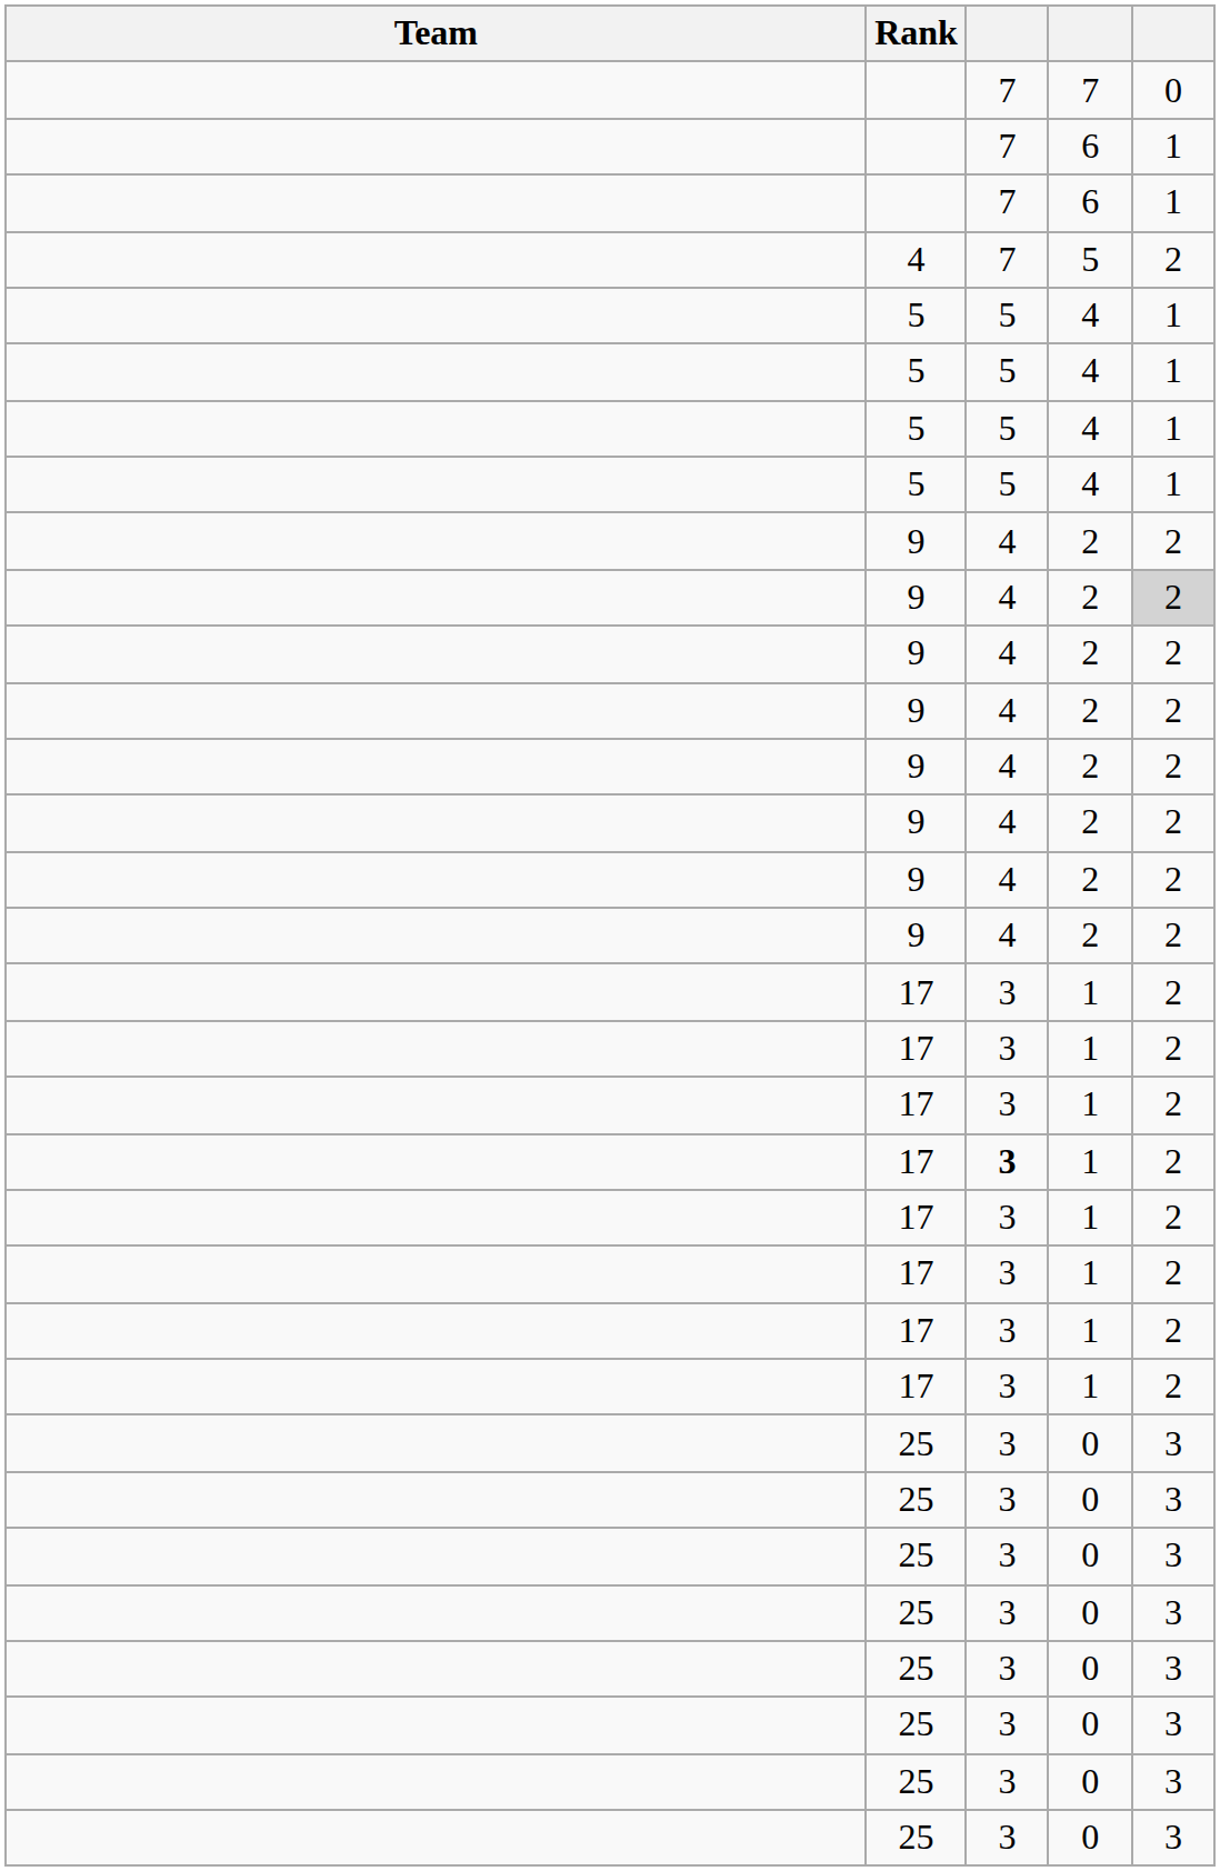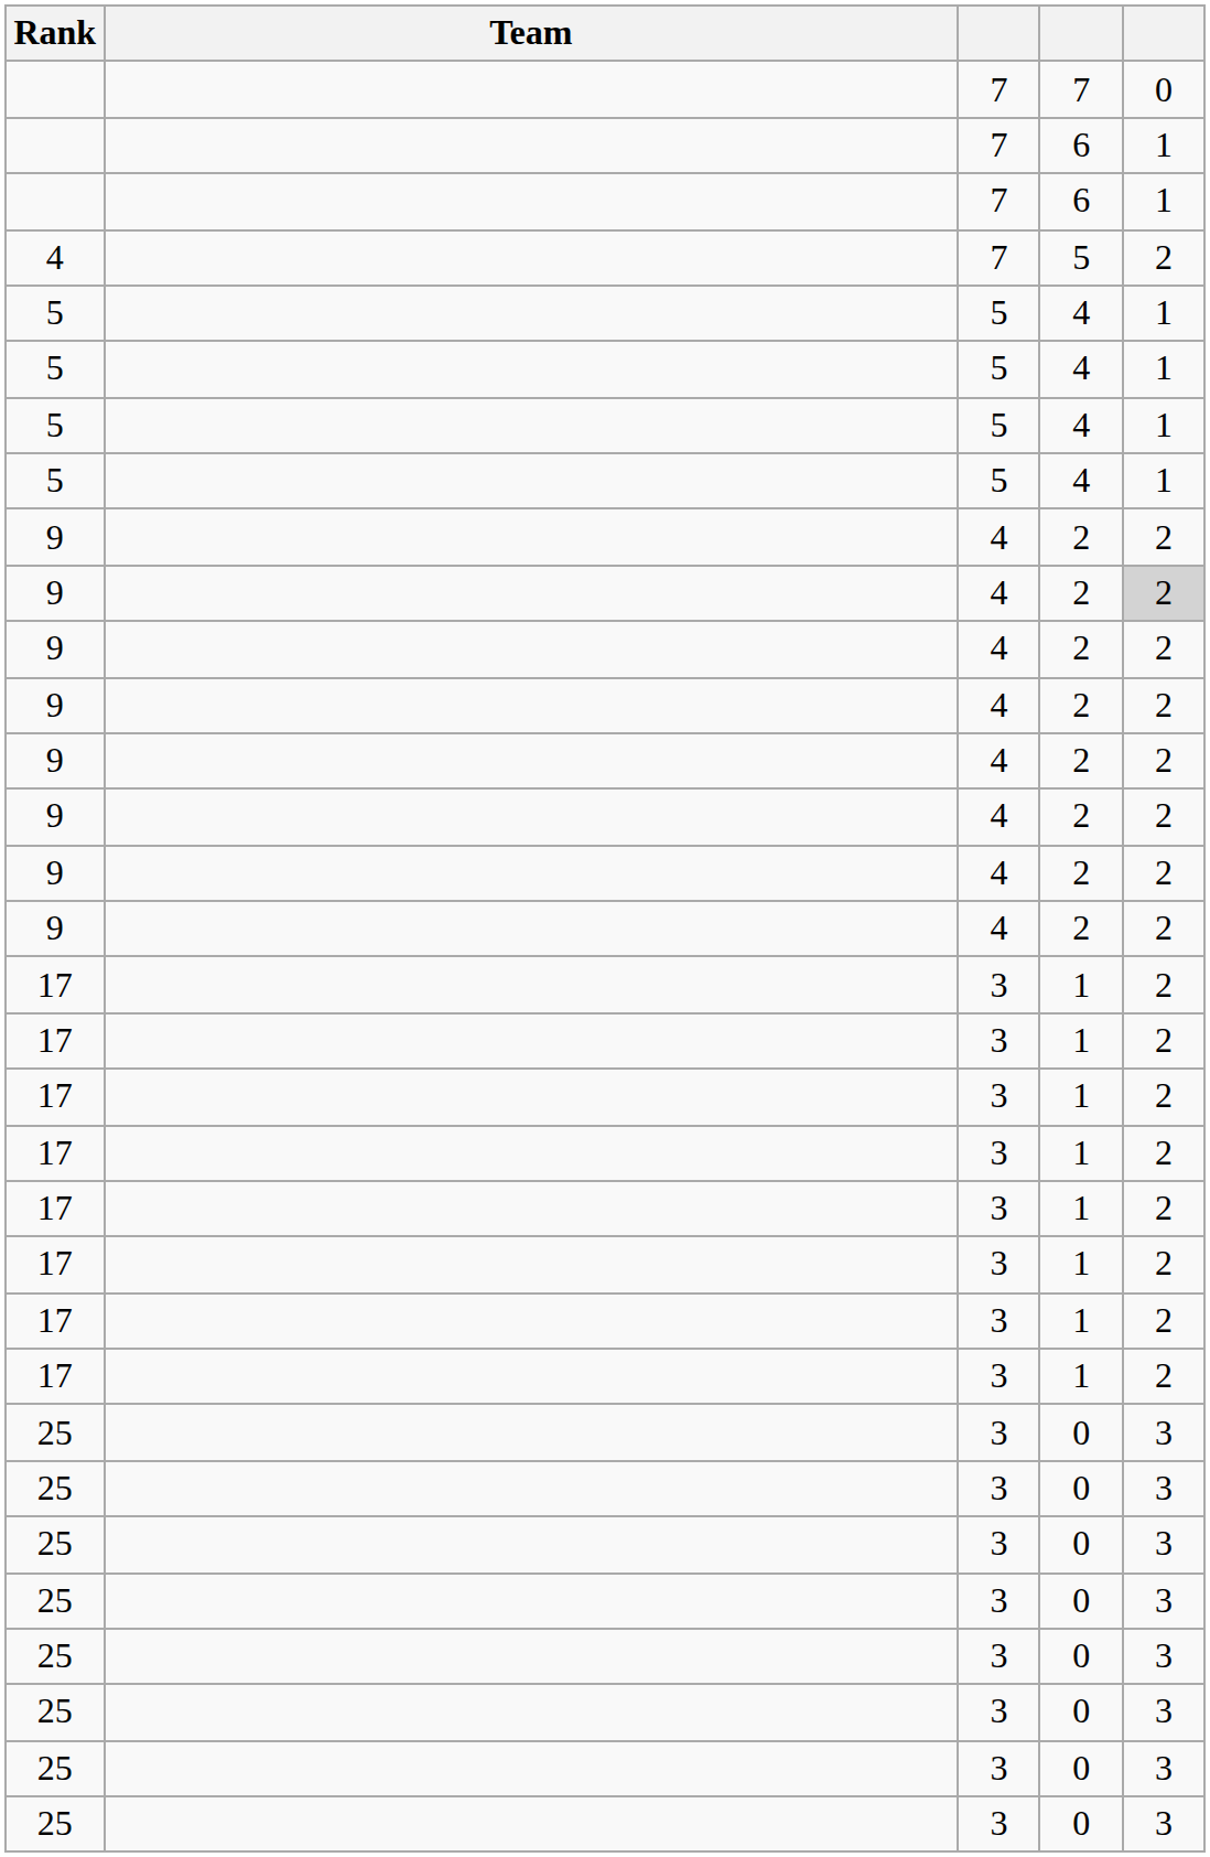 <table class="wikitable" style="text-align: center;">
 <tr>
+<th width=35>Rank</th>
 <th width=380>Team</th>
-<th width=35>Rank</th>
 <th width=30></th>
 <th width=30></th>
 <th width=30></th>
 </tr>
 <tr>
+<td></td>
 <td align=left></td>
-<td></td>
 <td>7</td>
 <td>7</td>
 <td>0</td>
 </tr>
 <tr>
+<td></td>
 <td align=left></td>
-<td></td>
 <td>7</td>
 <td>6</td>
 <td>1</td>
 </tr>
 <tr>
+<td></td>
 <td align=left></td>
-<td></td>
 <td>7</td>
 <td>6</td>
 <td>1</td>
 </tr>
 <tr>
+<td>4</td>
 <td align=left></td>
-<td>4</td>
 <td>7</td>
 <td>5</td>
 <td>2</td>
 </tr>
 <tr>
+<td>5</td>
 <td align=left></td>
-<td>5</td>
 <td>5</td>
 <td>4</td>
 <td>1</td>
 </tr>
 <tr>
+<td>5</td>
 <td align=left></td>
-<td>5</td>
 <td>5</td>
 <td>4</td>
 <td>1</td>
 </tr>
 <tr>
+<td>5</td>
 <td align=left></td>
-<td>5</td>
 <td>5</td>
 <td>4</td>
 <td>1</td>
 </tr>
 <tr>
+<td>5</td>
 <td align=left></td>
-<td>5</td>
 <td>5</td>
 <td>4</td>
 <td>1</td>
 </tr>
 <tr>
+<td>9</td>
 <td align=left></td>
-<td>9</td>
 <td>4</td>
 <td>2</td>
 <td>2</td>
 </tr>
 <tr>
+<td>9</td>
 <td align=left></td>
-<td>9</td>
 <td>4</td>
 <td>2</td>
 <td style="background: lightgrey;">2</td>
 </tr>
 <tr>
+<td>9</td>
 <td align=left></td>
-<td>9</td>
 <td>4</td>
 <td>2</td>
 <td>2</td>
 </tr>
 <tr>
+<td>9</td>
 <td align=left></td>
-<td>9</td>
 <td>4</td>
 <td>2</td>
 <td>2</td>
 </tr>
 <tr>
+<td>9</td>
 <td align=left></td>
-<td>9</td>
 <td>4</td>
 <td>2</td>
 <td>2</td>
 </tr>
 <tr>
+<td>9</td>
 <td align=left></td>
-<td>9</td>
 <td>4</td>
 <td>2</td>
 <td>2</td>
 </tr>
 <tr>
+<td>9</td>
 <td align=left></td>
-<td>9</td>
 <td>4</td>
 <td>2</td>
 <td>2</td>
 </tr>
 <tr>
+<td>9</td>
 <td align=left></td>
-<td>9</td>
 <td>4</td>
 <td>2</td>
 <td>2</td>
 </tr>
 <tr>
+<td>17</td>
 <td align=left></td>
-<td>17</td>
 <td>3</td>
 <td>1</td>
 <td>2</td>
 </tr>
 <tr>
+<td>17</td>
 <td align=left></td>
-<td>17</td>
 <td>3</td>
 <td>1</td>
 <td>2</td>
 </tr>
 <tr>
+<td>17</td>
 <td align=left></td>
-<td>17</td>
 <td>3</td>
 <td>1</td>
 <td>2</td>
 </tr>
 <tr>
+<td>17</td>
 <td align=left></td>
-<td>17</td>
-<td><strong>3</strong></td>
-<td>1</td>
-<td>2</td>
-</tr>
-<tr>
-<td align=left></td>
-<td>17</td>
 <td>3</td>
 <td>1</td>
 <td>2</td>
 </tr>
 <tr>
+<td>17</td>
 <td align=left></td>
-<td>17</td>
 <td>3</td>
 <td>1</td>
 <td>2</td>
 </tr>
 <tr>
+<td>17</td>
 <td align=left></td>
-<td>17</td>
 <td>3</td>
 <td>1</td>
 <td>2</td>
 </tr>
 <tr>
+<td>17</td>
 <td align=left></td>
-<td>17</td>
 <td>3</td>
 <td>1</td>
 <td>2</td>
 </tr>
 <tr>
+<td>17</td>
 <td align=left></td>
+<td>3</td>
+<td>1</td>
+<td>2</td>
+</tr>
+<tr>
 <td>25</td>
+<td align=left></td>
 <td>3</td>
 <td>0</td>
 <td>3</td>
 </tr>
 <tr>
+<td>25</td>
 <td align=left></td>
-<td>25</td>
 <td>3</td>
 <td>0</td>
 <td>3</td>
 </tr>
 <tr>
+<td>25</td>
 <td align=left></td>
-<td>25</td>
 <td>3</td>
 <td>0</td>
 <td>3</td>
 </tr>
 <tr>
+<td>25</td>
 <td align=left></td>
-<td>25</td>
 <td>3</td>
 <td>0</td>
 <td>3</td>
 </tr>
 <tr>
+<td>25</td>
 <td align=left></td>
-<td>25</td>
 <td>3</td>
 <td>0</td>
 <td>3</td>
 </tr>
 <tr>
+<td>25</td>
 <td align=left></td>
-<td>25</td>
 <td>3</td>
 <td>0</td>
 <td>3</td>
 </tr>
 <tr>
+<td>25</td>
 <td align=left></td>
-<td>25</td>
 <td>3</td>
 <td>0</td>
 <td>3</td>
 </tr>
 <tr>
+<td>25</td>
 <td align=left></td>
-<td>25</td>
 <td>3</td>
 <td>0</td>
 <td>3</td>
 </tr>
 </table>
